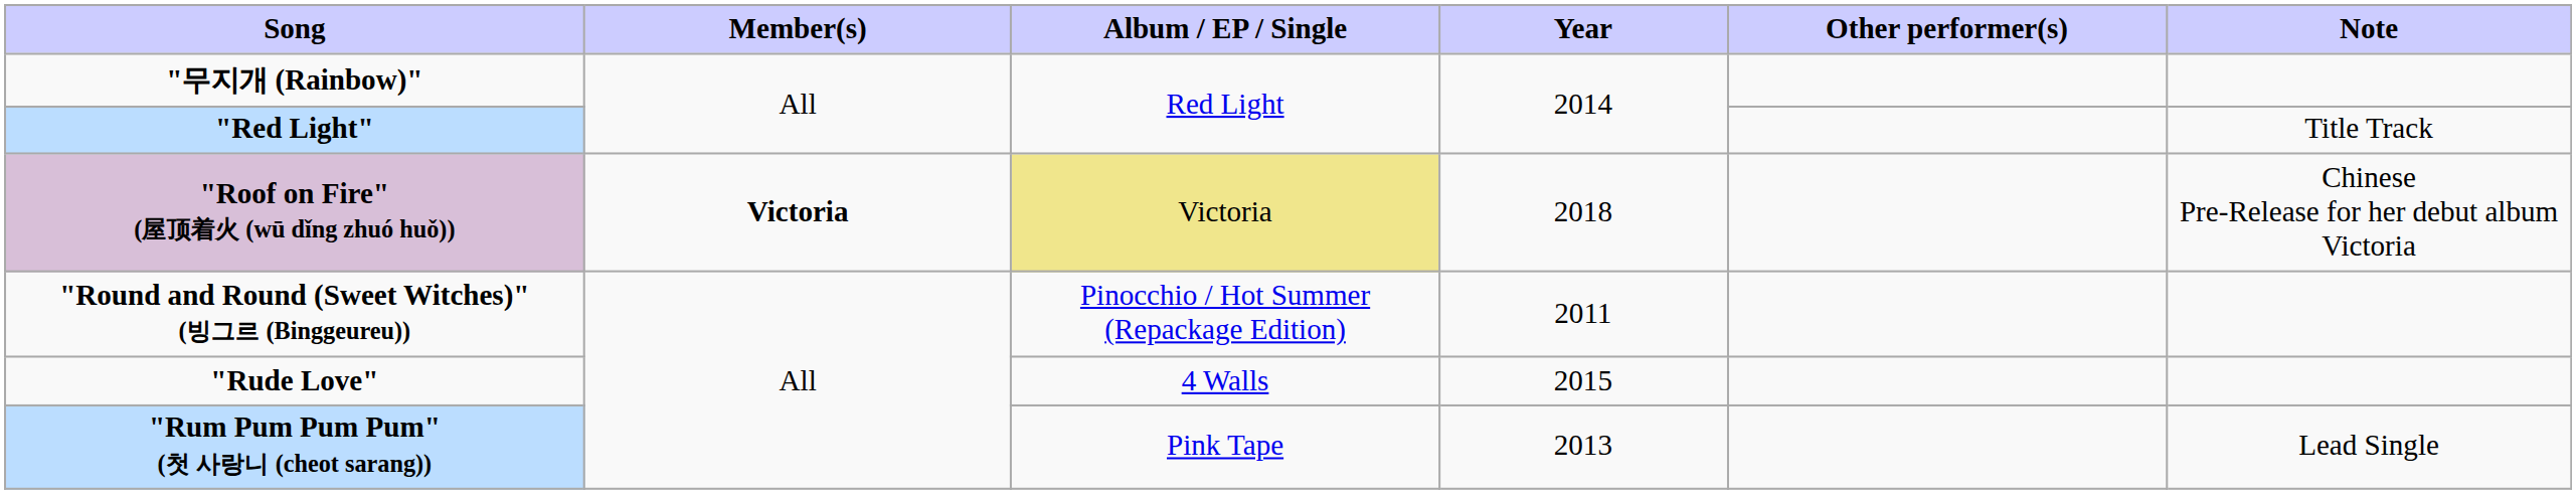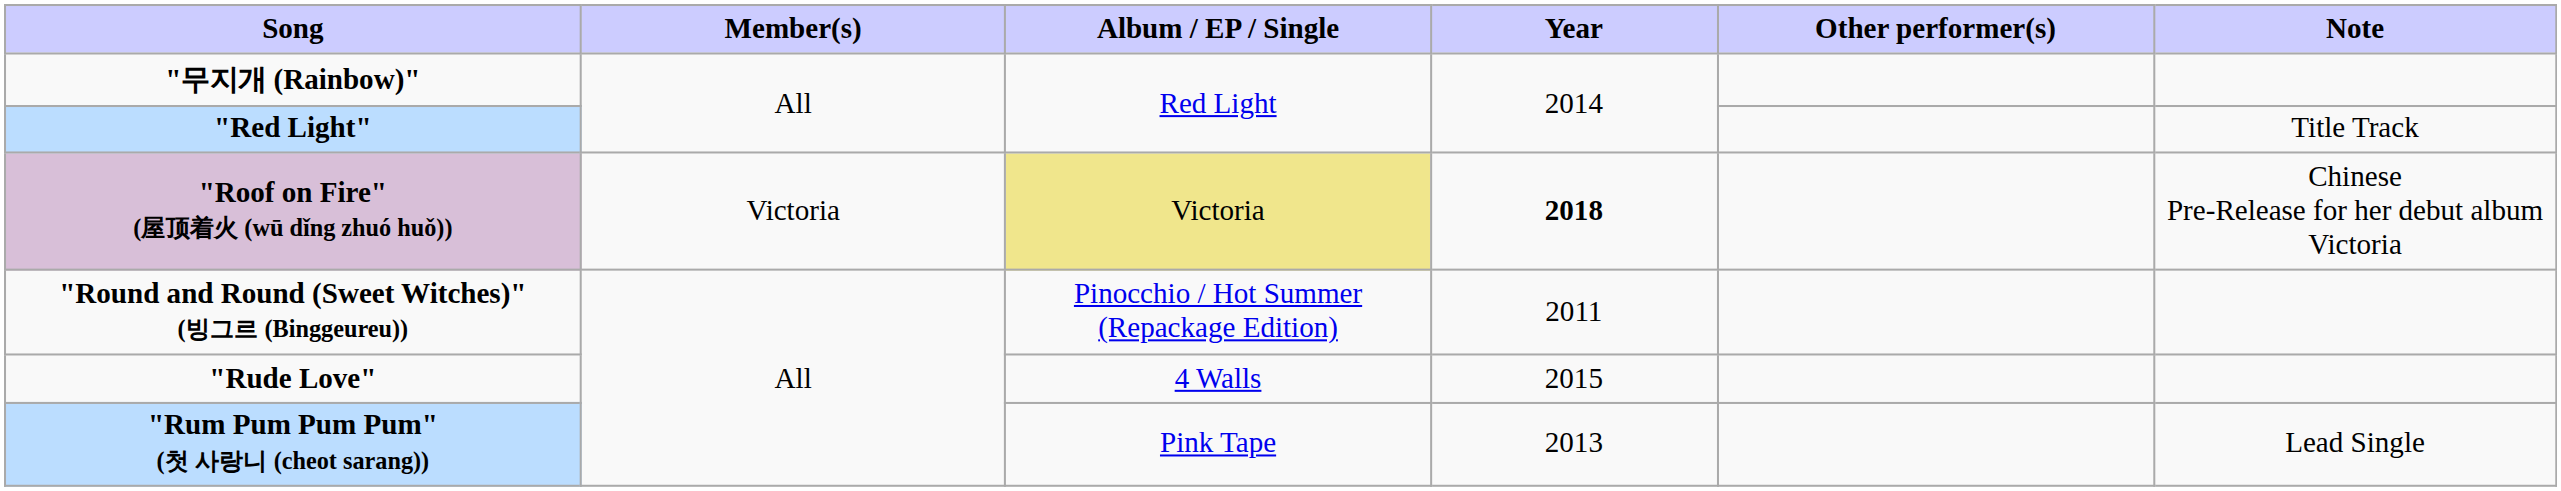 <table class="wikitable" style="margin:0.5em auto; clear:both; font-size:.9em; text-align:center; width:100%">
 <tr>
 <th width="500" style="background: #CCCCFF;">Song</th>
 <th width="350" style="background: #CCCCFF;">Member(s)</th>
 <th width="350" style="background: #CCCCFF;">Album / EP / Single</th>
 <th width="250" style="background: #CCCCFF;">Year</th>
 <th width="350" style="background: #CCCCFF;">Other performer(s)</th>
 <th width="350" style="background: #CCCCFF;">Note</th>
 </tr>
 <tr>
 <td><strong>"무지개 (Rainbow)"</strong></td>
 <td rowspan="2">All</td>
 <td rowspan="2"><a href='#'>Red Light</a></td>
 <td rowspan="2">2014</td>
 <td></td>
 <td></td>
 </tr>
 <tr>
 <td style="background: #bbddff"><strong>"Red Light"</strong></td>
 <td></td>
 <td>Title Track</td>
 </tr>
 <tr>
 <td style="background-color:#D8BFD8"><strong>"Roof on Fire"<br><small>(屋顶着火 (wū dǐng zhuó huǒ))</small></strong></td>
-<td><strong>Victoria</strong></td>
+<td>Victoria</td>
 <td style="background: khaki;">Victoria</td>
-<td>2018</td>
+<td><strong>2018</strong></td>
 <td></td>
 <td>Chinese<br>Pre-Release for her debut album Victoria</td>
 </tr>
 <tr>
 <td><strong>"Round and Round (Sweet Witches)" <br><small>(빙그르 (Binggeureu))</small></strong></td>
 <td rowspan="3">All</td>
 <td><a href='#'>Pinocchio / Hot Summer (Repackage Edition)</a></td>
 <td>2011</td>
 <td></td>
 <td></td>
 </tr>
 <tr>
 <td><strong>"Rude Love"</strong></td>
 <td><a href='#'>4 Walls</a></td>
 <td>2015</td>
 <td></td>
 <td></td>
 </tr>
 <tr>
 <td style="background:#bbddff"><strong>"Rum Pum Pum Pum" <br><small>(첫 사랑니 (cheot sarang))</small></strong></td>
 <td><a href='#'>Pink Tape</a></td>
 <td>2013</td>
 <td></td>
 <td>Lead Single</td>
 </tr>
 </table>
